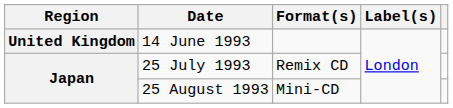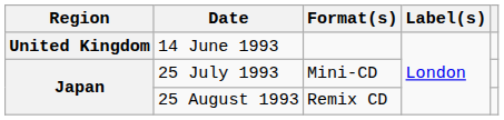 <table class="wikitable plainrowheaders">
 <tr>
 <th scope="col">Region</th>
 <th scope="col">Date</th>
 <th scope="col">Format(s)</th>
 <th scope="col">Label(s)</th>
 <th scope="col"></th>
 </tr>
 <tr>
 <th scope="row">United Kingdom</th>
 <td>14 June 1993</td>
 <td></td>
 <td rowspan="3"><a href='#'>London</a></td>
 <td></td>
 </tr>
 <tr>
 <th scope="row" rowspan="2">Japan</th>
 <td>25 July 1993</td>
-<td>Remix CD</td>
+<td>Mini-CD</td>
 <td></td>
 </tr>
 <tr>
 <td>25 August 1993</td>
-<td>Mini-CD</td>
+<td>Remix CD</td>
 <td></td>
 </tr>
 </table>
